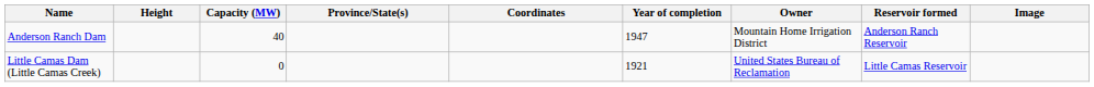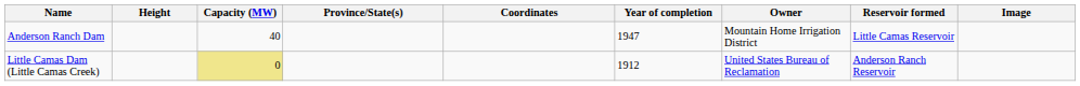 <table class="wikitable sortable" border="1">
 <tr>
 <th width="10%">Name</th>
 <th width="8%">Height</th>
 <th width="8%">Capacity (<a href='#'>MW</a>)</th>
 <th width="15%">Province/State(s)</th>
 <th width="16%">Coordinates</th>
 <th width="10%">Year of completion</th>
 <th width="12%">Owner</th>
 <th width="10%">Reservoir formed</th>
 <th>Image</th>
 </tr>
 <tr>
 <td><a href='#'>Anderson Ranch Dam</a></td>
 <td></td>
 <td align="right">40</td>
 <td></td>
 <td></td>
 <td>1947</td>
 <td>Mountain Home Irrigation District</td>
-<td><a href='#'>Anderson Ranch Reservoir</a></td>
+<td><a href='#'>Little Camas Reservoir</a></td>
 <td></td>
 </tr>
 <tr>
 <td><a href='#'>Little Camas Dam</a> (Little Camas Creek)</td>
 <td></td>
-<td align="right">0</td>
+<td align="right" style="background: khaki;">0</td>
 <td></td>
 <td></td>
-<td>1921</td>
+<td>1912</td>
 <td><a href='#'>United States Bureau of Reclamation</a></td>
-<td><a href='#'>Little Camas Reservoir</a></td>
+<td><a href='#'>Anderson Ranch Reservoir</a></td>
 <td></td>
 </tr>
 </table>
